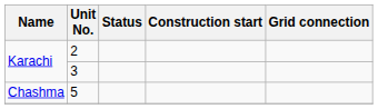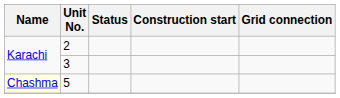 <table class="wikitable sortable mw-datatable">
 <tr>
 <th>Name</th>
 <th>Unit<br>No.</th>
 <th>Status</th>
 <th>Construction start</th>
 <th>Grid connection</th>
 </tr>
 <tr>
 <td rowspan=2><a href='#'>Karachi</a></td>
 <td>2</td>
 <td></td>
 <td></td>
 <td></td>
 </tr>
 <tr>
 <td>3</td>
 <td></td>
 <td></td>
 <td></td>
 </tr>
 <tr>
-<td rowspan=1><a href='#'>Chashma</a></td>
+<td rowspan=1 style="background: lightyellow;"><a href='#'>Chashma</a></td>
 <td>5</td>
 <td></td>
 <td></td>
 <td></td>
 </tr>
 <tr>
 </tr>
 </table>
